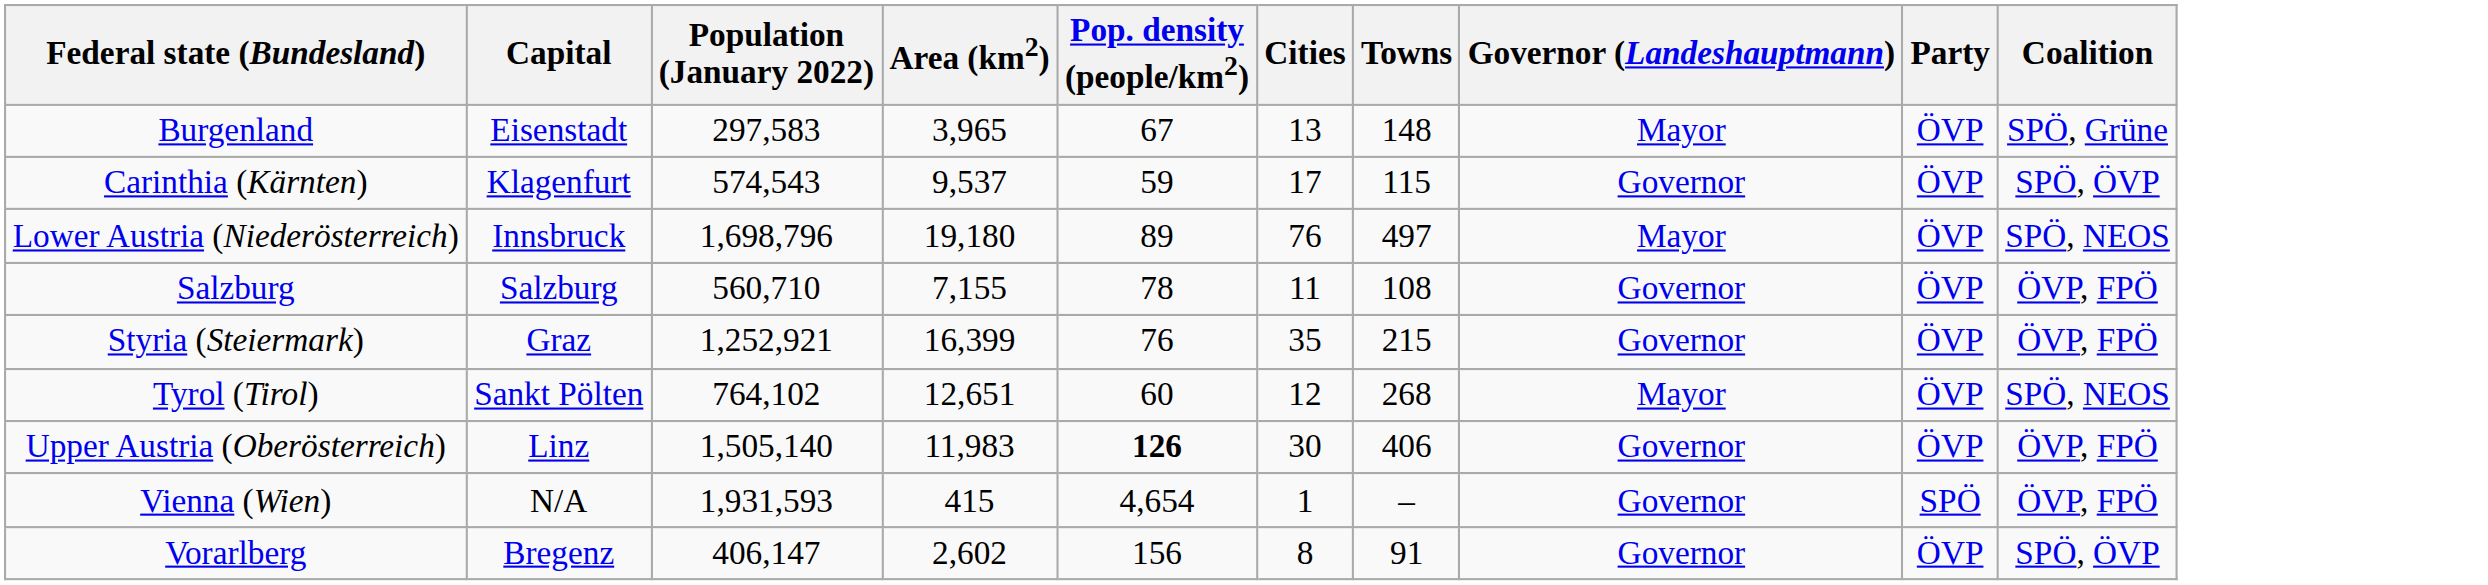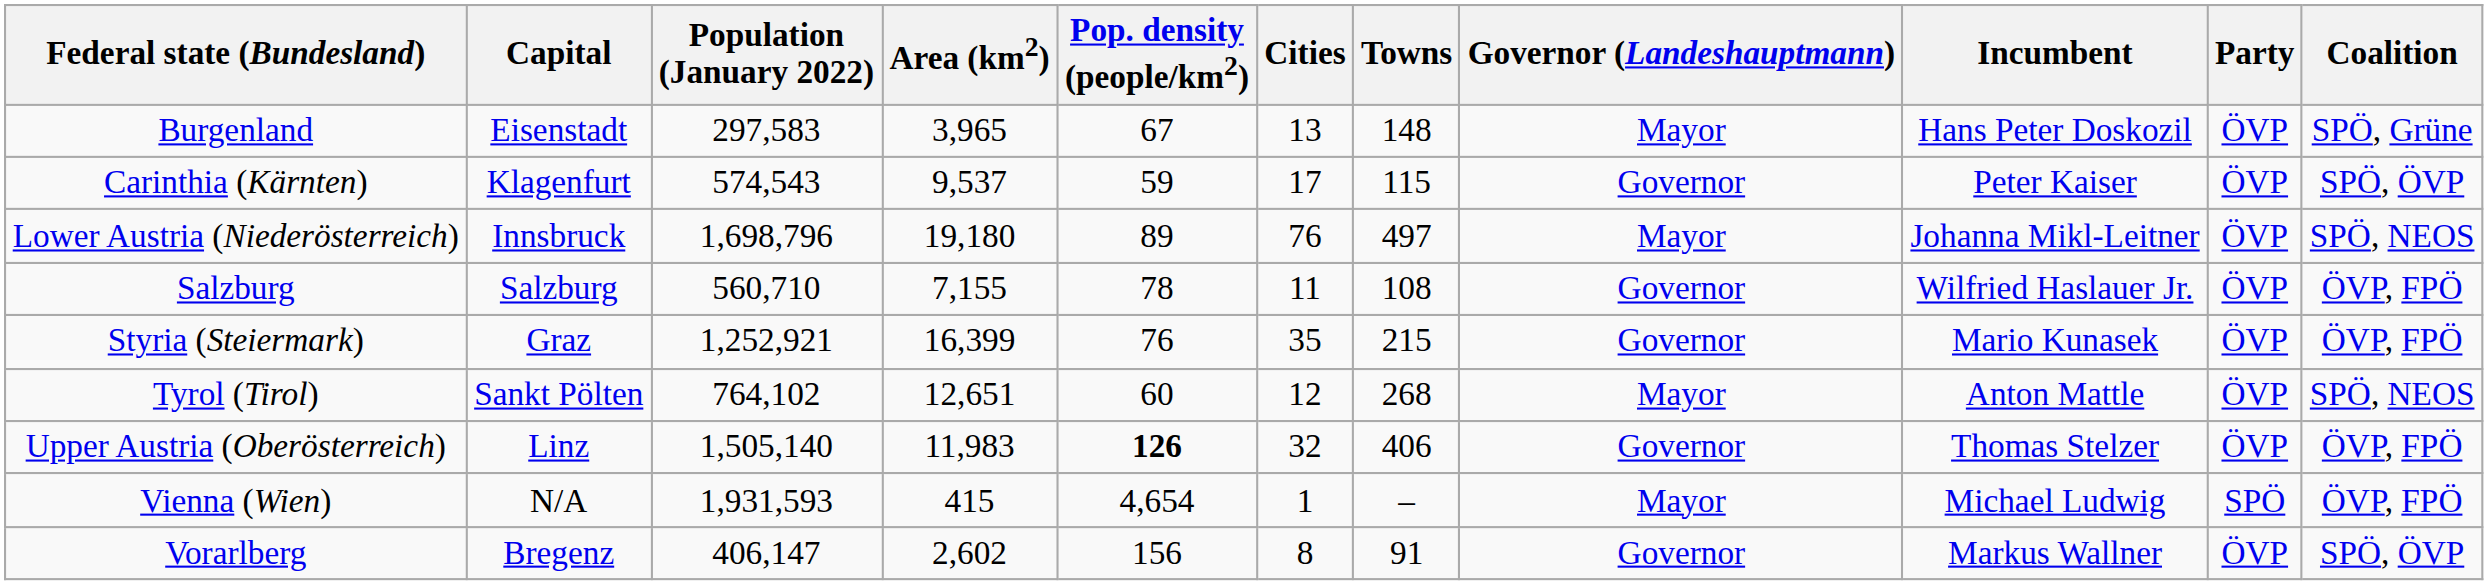 <table class="wikitable sortable" style="text-align:center">
 <tr>
 <th>Federal state (<em>Bundes­land</em>)</th>
 <th>Capital</th>
 <th>Popula­tion<br>(January 2022)</th>
 <th>Area (km<sup>2</sup>)</th>
 <th><a href='#'>Pop. density</a><br>(people/km<sup>2</sup>)</th>
 <th>Cities</th>
 <th>Towns</th>
 <th>Governor (<em><a href='#'>Landeshauptmann</a></em>)</th>
+<th>Incumbent</th>
 <th>Party</th>
 <th>Coalition</th>
 </tr>
 <tr>
 <td style="text-align:center"><a href='#'>Burgenland</a></td>
 <td><a href='#'>Eisenstadt</a></td>
 <td>297,583</td>
 <td>3,965</td>
 <td>67</td>
 <td>13</td>
 <td>148</td>
 <td><a href='#'>Mayor</a></td>
+<td><a href='#'>Hans Peter Doskozil</a></td>
 <td><a href='#'>ÖVP</a></td>
 <td><a href='#'>SPÖ</a>, <a href='#'>Grüne</a></td>
 </tr>
 <tr>
 <td style="text-align:center"><a href='#'>Carinthia</a> (<em>Kärnten</em>)</td>
 <td><a href='#'>Klagenfurt</a></td>
 <td>574,543</td>
 <td>9,537</td>
 <td>59</td>
 <td>17</td>
 <td>115</td>
 <td><a href='#'>Governor</a></td>
+<td><a href='#'>Peter Kaiser</a></td>
 <td><a href='#'>ÖVP</a></td>
 <td><a href='#'>SPÖ</a>, <a href='#'>ÖVP</a></td>
 </tr>
 <tr>
 <td style="text-align:center"><a href='#'>Lower Austria</a> (<em>Nieder­österreich</em>)</td>
 <td><a href='#'>Innsbruck</a></td>
 <td>1,698,796</td>
 <td>19,180</td>
 <td>89</td>
 <td>76</td>
 <td>497</td>
 <td><a href='#'>Mayor</a></td>
+<td><a href='#'>Johanna Mikl-Leitner</a></td>
 <td><a href='#'>ÖVP</a></td>
 <td><a href='#'>SPÖ</a>, <a href='#'>NEOS</a></td>
 </tr>
 <tr>
 <td style="text-align:center"><a href='#'>Salzburg</a></td>
 <td><a href='#'>Salzburg</a></td>
 <td>560,710</td>
 <td>7,155</td>
 <td>78</td>
 <td>11</td>
 <td>108</td>
 <td><a href='#'>Governor</a></td>
+<td><a href='#'>Wilfried Haslauer Jr.</a></td>
 <td><a href='#'>ÖVP</a></td>
 <td><a href='#'>ÖVP</a>, <a href='#'>FPÖ</a></td>
 </tr>
 <tr>
 <td style="text-align:center"><a href='#'>Styria</a> (<em>Steiermark</em>)</td>
 <td><a href='#'>Graz</a></td>
 <td>1,252,921</td>
 <td>16,399</td>
 <td>76</td>
 <td>35</td>
 <td>215</td>
 <td><a href='#'>Governor</a></td>
+<td><a href='#'>Mario Kunasek</a></td>
 <td><a href='#'>ÖVP</a></td>
 <td><a href='#'>ÖVP</a>, <a href='#'>FPÖ</a></td>
 </tr>
 <tr>
 <td style="text-align:center"><a href='#'>Tyrol</a> (<em>Tirol</em>)</td>
 <td><a href='#'>Sankt Pölten</a></td>
 <td>764,102</td>
 <td>12,651</td>
 <td>60</td>
 <td>12</td>
 <td>268</td>
 <td><a href='#'>Mayor</a></td>
+<td><a href='#'>Anton Mattle</a></td>
 <td><a href='#'>ÖVP</a></td>
 <td><a href='#'>SPÖ</a>, <a href='#'>NEOS</a></td>
 </tr>
 <tr>
 <td style="text-align:center"><a href='#'>Upper Austria</a> (<em>Ober­österreich</em>)</td>
 <td><a href='#'>Linz</a></td>
 <td>1,505,140</td>
 <td>11,983</td>
 <td><strong>126</strong></td>
-<td>30</td>
+<td>32</td>
 <td>406</td>
 <td><a href='#'>Governor</a></td>
+<td><a href='#'>Thomas Stelzer</a></td>
 <td><a href='#'>ÖVP</a></td>
 <td><a href='#'>ÖVP</a>, <a href='#'>FPÖ</a></td>
 </tr>
 <tr>
 <td style="text-align:center"><a href='#'>Vienna</a> (<em>Wien</em>)</td>
 <td>N/A</td>
 <td>1,931,593</td>
 <td>415</td>
 <td>4,654</td>
 <td>1</td>
 <td>–</td>
-<td><a href='#'>Governor</a></td>
+<td><a href='#'>Mayor</a></td>
+<td><a href='#'>Michael Ludwig</a></td>
 <td><a href='#'>SPÖ</a></td>
 <td><a href='#'>ÖVP</a>, <a href='#'>FPÖ</a></td>
 </tr>
 <tr>
 <td style="text-align:center"><a href='#'>Vorarlberg</a></td>
 <td><a href='#'>Bregenz</a></td>
 <td>406,147</td>
 <td>2,602</td>
 <td>156</td>
 <td>8</td>
 <td>91</td>
 <td><a href='#'>Governor</a></td>
+<td><a href='#'>Markus Wallner</a></td>
 <td><a href='#'>ÖVP</a></td>
 <td><a href='#'>SPÖ</a>, <a href='#'>ÖVP</a></td>
 </tr>
 </table>
